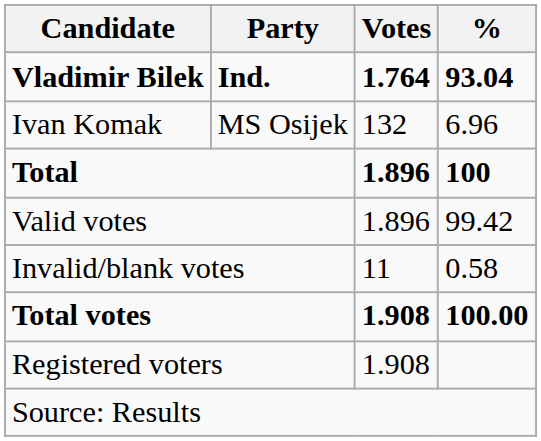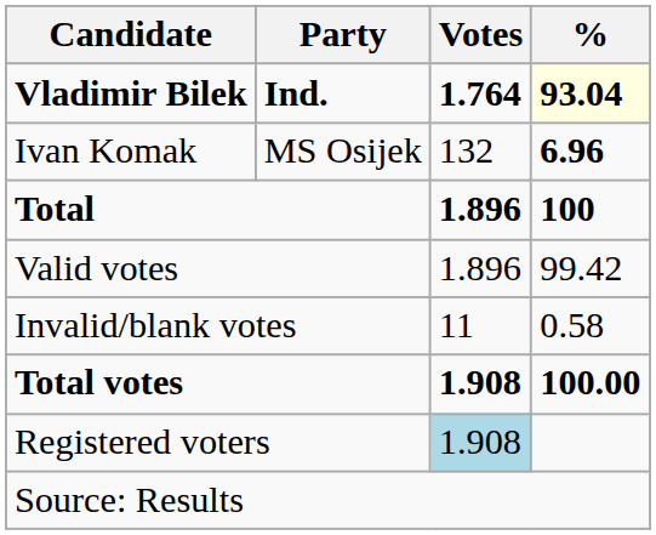 <table class="wikitable" style="text-align: left;">
 <tr>
 <th>Candidate</th>
 <th>Party</th>
 <th>Votes</th>
 <th>%</th>
 </tr>
 <tr>
 <td><strong>Vladimir Bilek</strong></td>
 <td><strong>Ind.</strong></td>
 <td><strong>1.764</strong></td>
-<td><strong>93.04</strong></td>
+<td style="background: lightyellow;"><strong>93.04</strong></td>
 </tr>
 <tr>
 <td>Ivan Komak</td>
 <td>MS Osijek</td>
 <td>132</td>
-<td>6.96</td>
+<td><strong>6.96</strong></td>
 </tr>
 <tr>
 <td colspan="2"><strong>Total</strong></td>
 <td><strong>1.896</strong></td>
 <td><strong>100</strong></td>
 </tr>
 <tr>
 <td colspan="2">Valid votes</td>
 <td>1.896</td>
 <td>99.42</td>
 </tr>
 <tr>
 <td colspan="2">Invalid/blank votes</td>
 <td>11</td>
 <td>0.58</td>
 </tr>
 <tr>
 <td colspan="2"><strong>Total votes</strong></td>
 <td><strong>1.908</strong></td>
 <td><strong>100.00</strong></td>
 </tr>
 <tr>
 <td colspan="2">Registered voters</td>
-<td>1.908</td>
+<td style="background: lightblue;">1.908</td>
 <td></td>
 </tr>
 <tr>
 <td colspan="4">Source: Results</td>
 </tr>
 </table>
